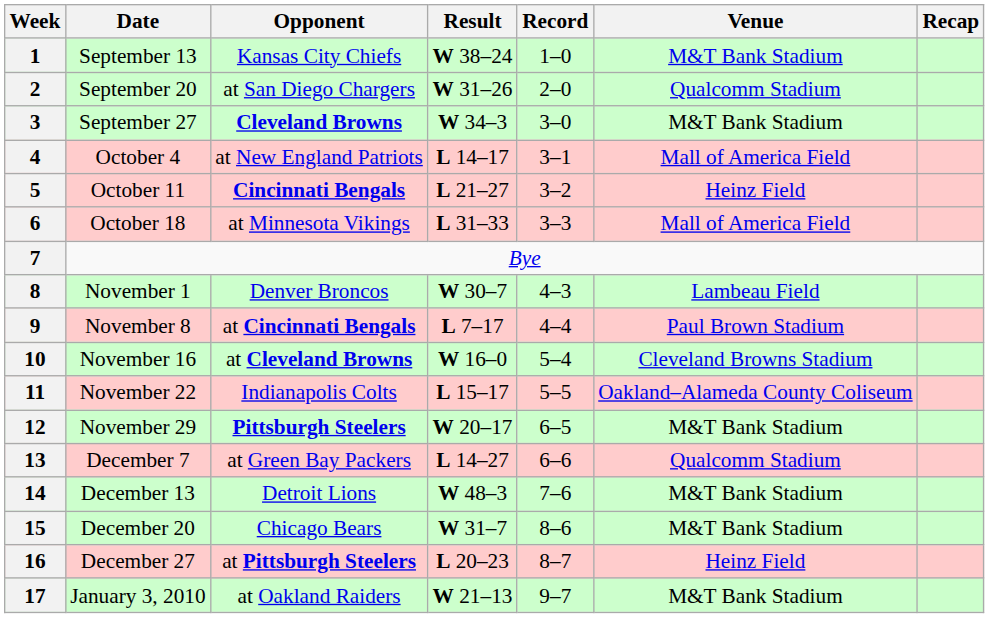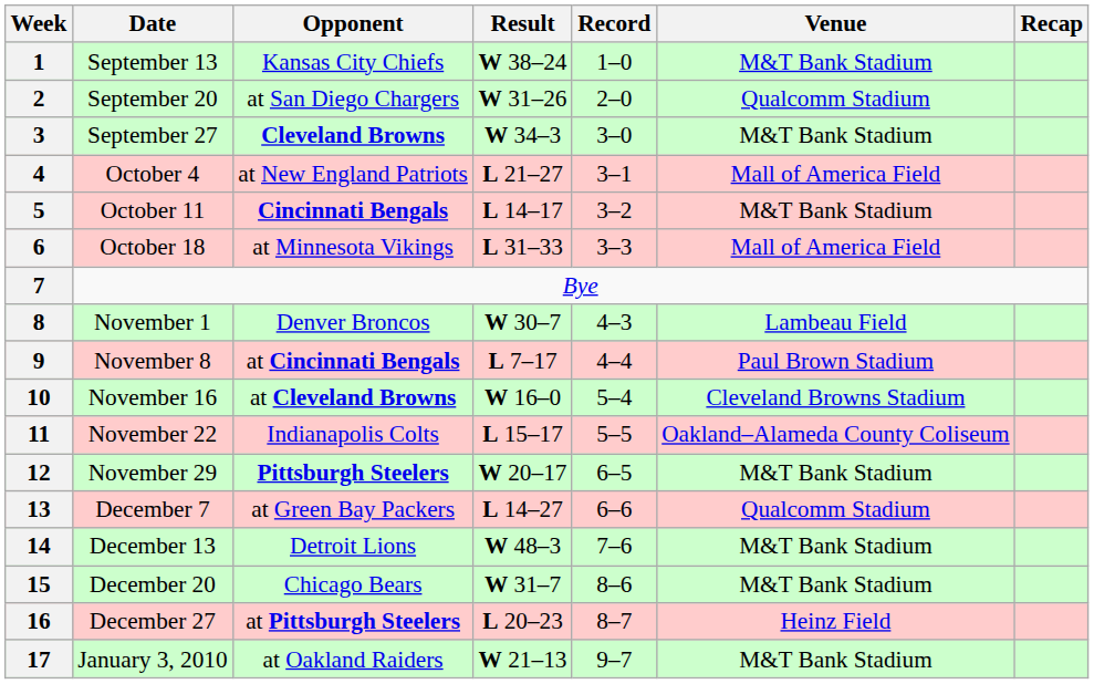 <table class="wikitable" style="text-align:center">
 <tr>
 <th>Week</th>
 <th>Date</th>
 <th>Opponent</th>
 <th>Result</th>
 <th>Record</th>
 <th>Venue</th>
 <th>Recap</th>
 </tr>
 <tr style="background:#cfc">
 <th>1</th>
 <td>September 13</td>
 <td><a href='#'>Kansas City Chiefs</a></td>
 <td><strong>W</strong> 38–24</td>
 <td>1–0</td>
 <td><a href='#'>M&T Bank Stadium</a></td>
 <td></td>
 </tr>
 <tr style="background:#cfc">
 <th>2</th>
 <td>September 20</td>
 <td>at <a href='#'>San Diego Chargers</a></td>
 <td><strong>W</strong> 31–26</td>
 <td>2–0</td>
 <td><a href='#'>Qualcomm Stadium</a></td>
 <td></td>
 </tr>
 <tr style="background:#cfc">
 <th>3</th>
 <td>September 27</td>
 <td><strong><a href='#'>Cleveland Browns</a></strong></td>
 <td><strong>W</strong> 34–3</td>
 <td>3–0</td>
 <td>M&T Bank Stadium</td>
 <td></td>
 </tr>
 <tr style="background:#fcc">
 <th>4</th>
 <td>October 4</td>
 <td>at <a href='#'>New England Patriots</a></td>
-<td><strong>L</strong> 14–17</td>
+<td><strong>L</strong> 21–27</td>
 <td>3–1</td>
 <td><a href='#'>Mall of America Field</a></td>
 <td></td>
 </tr>
 <tr style="background:#fcc">
 <th>5</th>
 <td>October 11</td>
 <td><strong><a href='#'>Cincinnati Bengals</a></strong></td>
-<td><strong>L</strong> 21–27</td>
+<td><strong>L</strong> 14–17</td>
 <td>3–2</td>
-<td><a href='#'>Heinz Field</a></td>
+<td>M&T Bank Stadium</td>
 <td></td>
 </tr>
 <tr style="background:#fcc">
 <th>6</th>
 <td>October 18</td>
 <td>at <a href='#'>Minnesota Vikings</a></td>
 <td><strong>L</strong> 31–33</td>
 <td>3–3</td>
 <td><a href='#'>Mall of America Field</a></td>
 <td></td>
 </tr>
 <tr>
 <th>7</th>
 <td colspan="8"><em><a href='#'>Bye</a></em></td>
 </tr>
 <tr style="background:#cfc">
 <th>8</th>
 <td>November 1</td>
 <td><a href='#'>Denver Broncos</a></td>
 <td><strong>W</strong> 30–7</td>
 <td>4–3</td>
 <td><a href='#'>Lambeau Field</a></td>
 <td></td>
 </tr>
 <tr style="background:#fcc">
 <th>9</th>
 <td>November 8</td>
 <td>at <strong><a href='#'>Cincinnati Bengals</a></strong></td>
 <td><strong>L</strong> 7–17</td>
 <td>4–4</td>
 <td><a href='#'>Paul Brown Stadium</a></td>
 <td></td>
 </tr>
 <tr style="background:#cfc">
 <th>10</th>
 <td>November 16</td>
 <td>at <strong><a href='#'>Cleveland Browns</a></strong></td>
 <td><strong>W</strong> 16–0</td>
 <td>5–4</td>
 <td><a href='#'>Cleveland Browns Stadium</a></td>
 <td></td>
 </tr>
 <tr style="background:#fcc">
 <th>11</th>
 <td>November 22</td>
 <td><a href='#'>Indianapolis Colts</a></td>
 <td><strong>L</strong> 15–17</td>
 <td>5–5</td>
 <td><a href='#'>Oakland–Alameda County Coliseum</a></td>
 <td></td>
 </tr>
 <tr style="background:#cfc">
 <th>12</th>
 <td>November 29</td>
 <td><strong><a href='#'>Pittsburgh Steelers</a></strong></td>
 <td><strong>W</strong> 20–17 </td>
 <td>6–5</td>
 <td>M&T Bank Stadium</td>
 <td></td>
 </tr>
 <tr style="background:#fcc">
 <th>13</th>
 <td>December 7</td>
 <td>at <a href='#'>Green Bay Packers</a></td>
 <td><strong>L</strong> 14–27</td>
 <td>6–6</td>
 <td><a href='#'>Qualcomm Stadium</a></td>
 <td></td>
 </tr>
 <tr style="background:#cfc">
 <th>14</th>
 <td>December 13</td>
 <td><a href='#'>Detroit Lions</a></td>
 <td><strong>W</strong> 48–3</td>
 <td>7–6</td>
 <td>M&T Bank Stadium</td>
 <td></td>
 </tr>
 <tr style="background:#cfc">
 <th>15</th>
 <td>December 20</td>
 <td><a href='#'>Chicago Bears</a></td>
 <td><strong>W</strong> 31–7</td>
 <td>8–6</td>
 <td>M&T Bank Stadium</td>
 <td></td>
 </tr>
 <tr style="background:#fcc">
 <th>16</th>
 <td>December 27</td>
 <td>at <strong><a href='#'>Pittsburgh Steelers</a></strong></td>
 <td><strong>L</strong> 20–23</td>
 <td>8–7</td>
 <td><a href='#'>Heinz Field</a></td>
 <td></td>
 </tr>
 <tr style="background:#cfc">
 <th>17</th>
 <td>January 3, 2010</td>
 <td>at <a href='#'>Oakland Raiders</a></td>
 <td><strong>W</strong> 21–13</td>
 <td>9–7</td>
 <td>M&T Bank Stadium</td>
 <td></td>
 </tr>
 </table>
